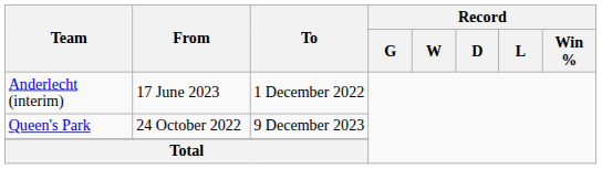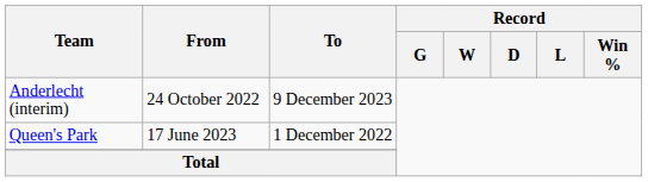 <table class="wikitable" style="text-align: center">
 <tr>
 <th rowspan="2!" style="width:130px;">Team</th>
 <th rowspan="2!" style="width:120px;">From</th>
 <th rowspan="2!" style="width:120px;">To</th>
 <th colspan=5>Record</th>
 </tr>
 <tr>
 <th width=40>G</th>
 <th width=40>W</th>
 <th width=40>D</th>
 <th width=40>L</th>
 <th width=50>Win %</th>
 </tr>
 <tr>
 <td align=left><a href='#'>Anderlecht</a> (interim)</td>
-<td align=left>17 June 2023</td>
-<td align=left>1 December 2022<br></td>
+<td align=left>24 October 2022</td>
+<td align=left>9 December 2023<br></td>
 </tr>
 <tr>
 <td align=left><a href='#'>Queen's Park</a></td>
-<td align=left>24 October 2022</td>
-<td align=left>9 December 2023<br></td>
+<td align=left>17 June 2023</td>
+<td align=left>1 December 2022<br></td>
 </tr>
 <tr>
 </tr>
 <tr>
 <th colspan=3>Total<br></th>
 </tr>
 </table>
